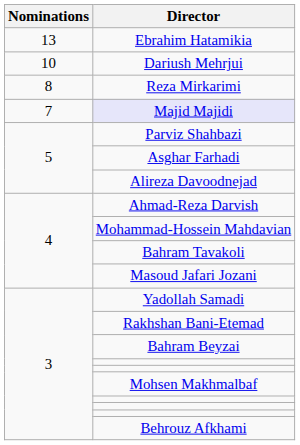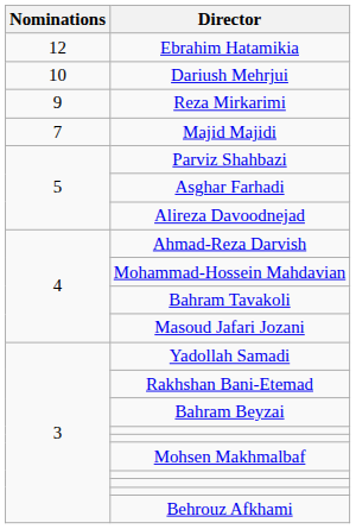 <table class="wikitable" style="text-align:center;">
 <tr>
 <th>Nominations</th>
 <th>Director</th>
 </tr>
 <tr>
-<td style="text-align:center;">13</td>
+<td style="text-align:center;">12</td>
 <td><a href='#'>Ebrahim Hatamikia</a></td>
 </tr>
 <tr>
 <td style="text-align:center;">10</td>
 <td><a href='#'>Dariush Mehrjui</a></td>
 </tr>
 <tr>
-<td style="text-align:center;">8</td>
+<td style="text-align:center;">9</td>
 <td><a href='#'>Reza Mirkarimi</a></td>
 </tr>
 <tr>
 <td style="text-align:center;">7</td>
-<td style="background: lavender;"><a href='#'>Majid Majidi</a></td>
+<td><a href='#'>Majid Majidi</a></td>
 </tr>
 <tr>
 <td rowspan=3 style="text-align:center;">5</td>
 <td><a href='#'>Parviz Shahbazi</a></td>
 </tr>
 <tr>
 <td><a href='#'>Asghar Farhadi</a></td>
 </tr>
 <tr>
 <td><a href='#'>Alireza Davoodnejad</a></td>
 </tr>
 <tr>
 <td rowspan=4 style="text-align:center;">4</td>
 <td><a href='#'>Ahmad-Reza Darvish</a></td>
 </tr>
 <tr>
 <td><a href='#'>Mohammad-Hossein Mahdavian</a></td>
 </tr>
 <tr>
 <td><a href='#'>Bahram Tavakoli</a></td>
 </tr>
 <tr>
 <td><a href='#'>Masoud Jafari Jozani</a></td>
 </tr>
 <tr>
 <td rowspan=10 style="text-align:center;">3</td>
 <td><a href='#'>Yadollah Samadi</a></td>
 </tr>
 <tr>
 <td><a href='#'>Rakhshan Bani-Etemad</a></td>
 </tr>
 <tr>
 <td><a href='#'>Bahram Beyzai</a></td>
 </tr>
 <tr>
 <td></td>
 </tr>
 <tr>
 <td></td>
 </tr>
 <tr>
 <td><a href='#'>Mohsen Makhmalbaf</a></td>
 </tr>
 <tr>
 <td></td>
 </tr>
 <tr>
 <td></td>
 </tr>
 <tr>
 <td></td>
 </tr>
 <tr>
 <td><a href='#'>Behrouz Afkhami</a></td>
 </tr>
 </table>
